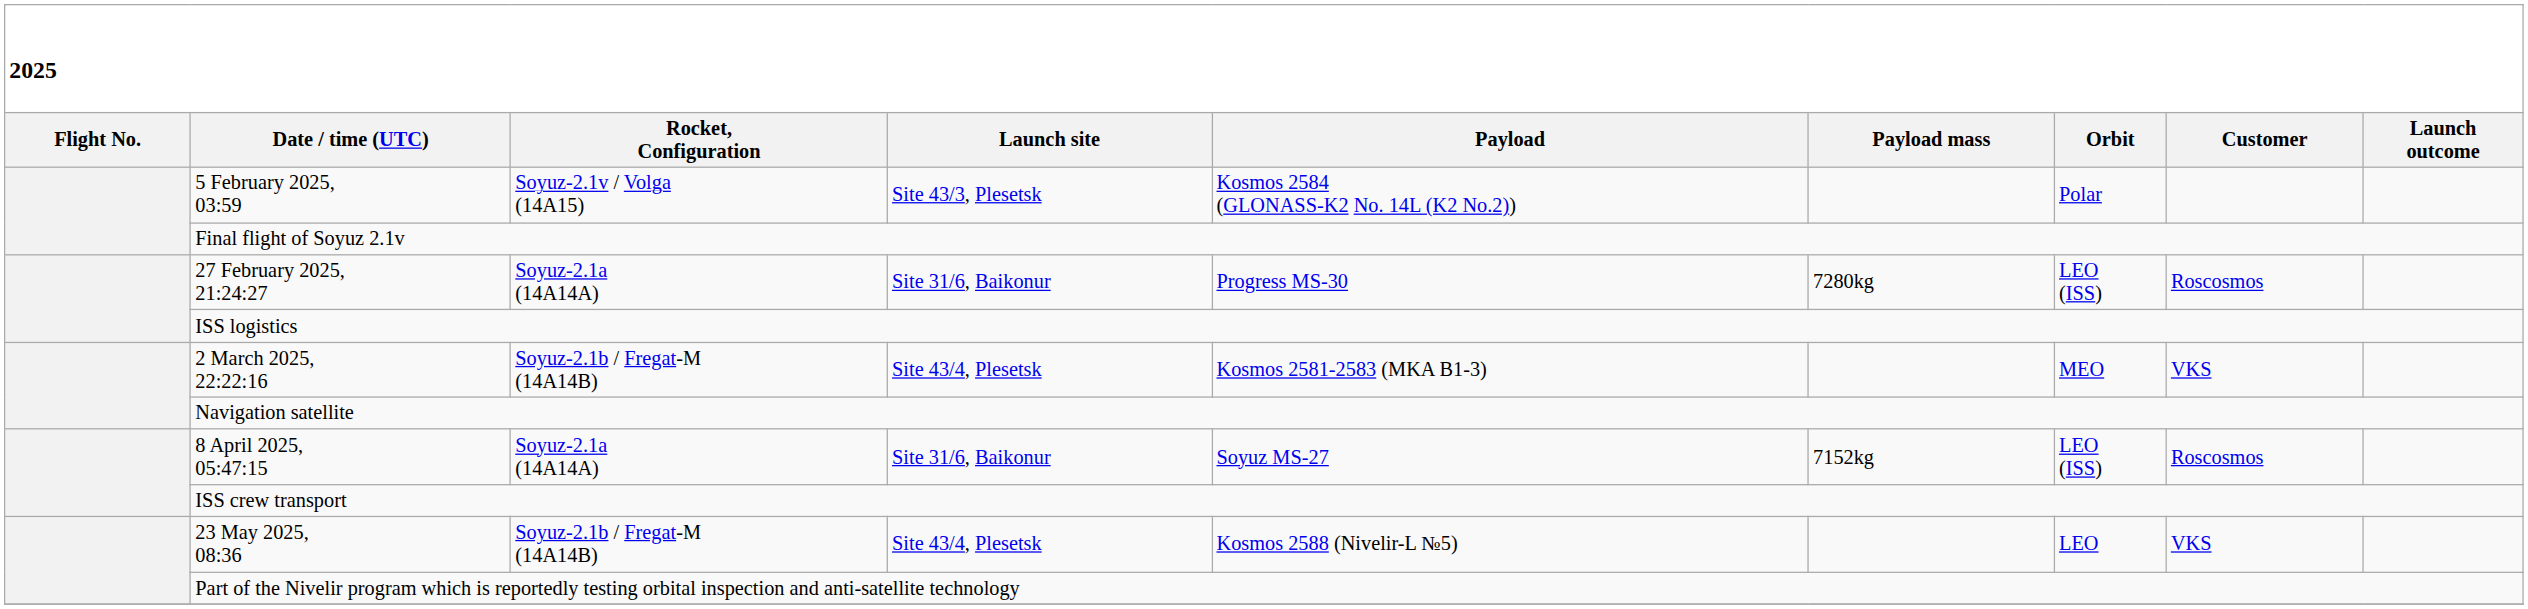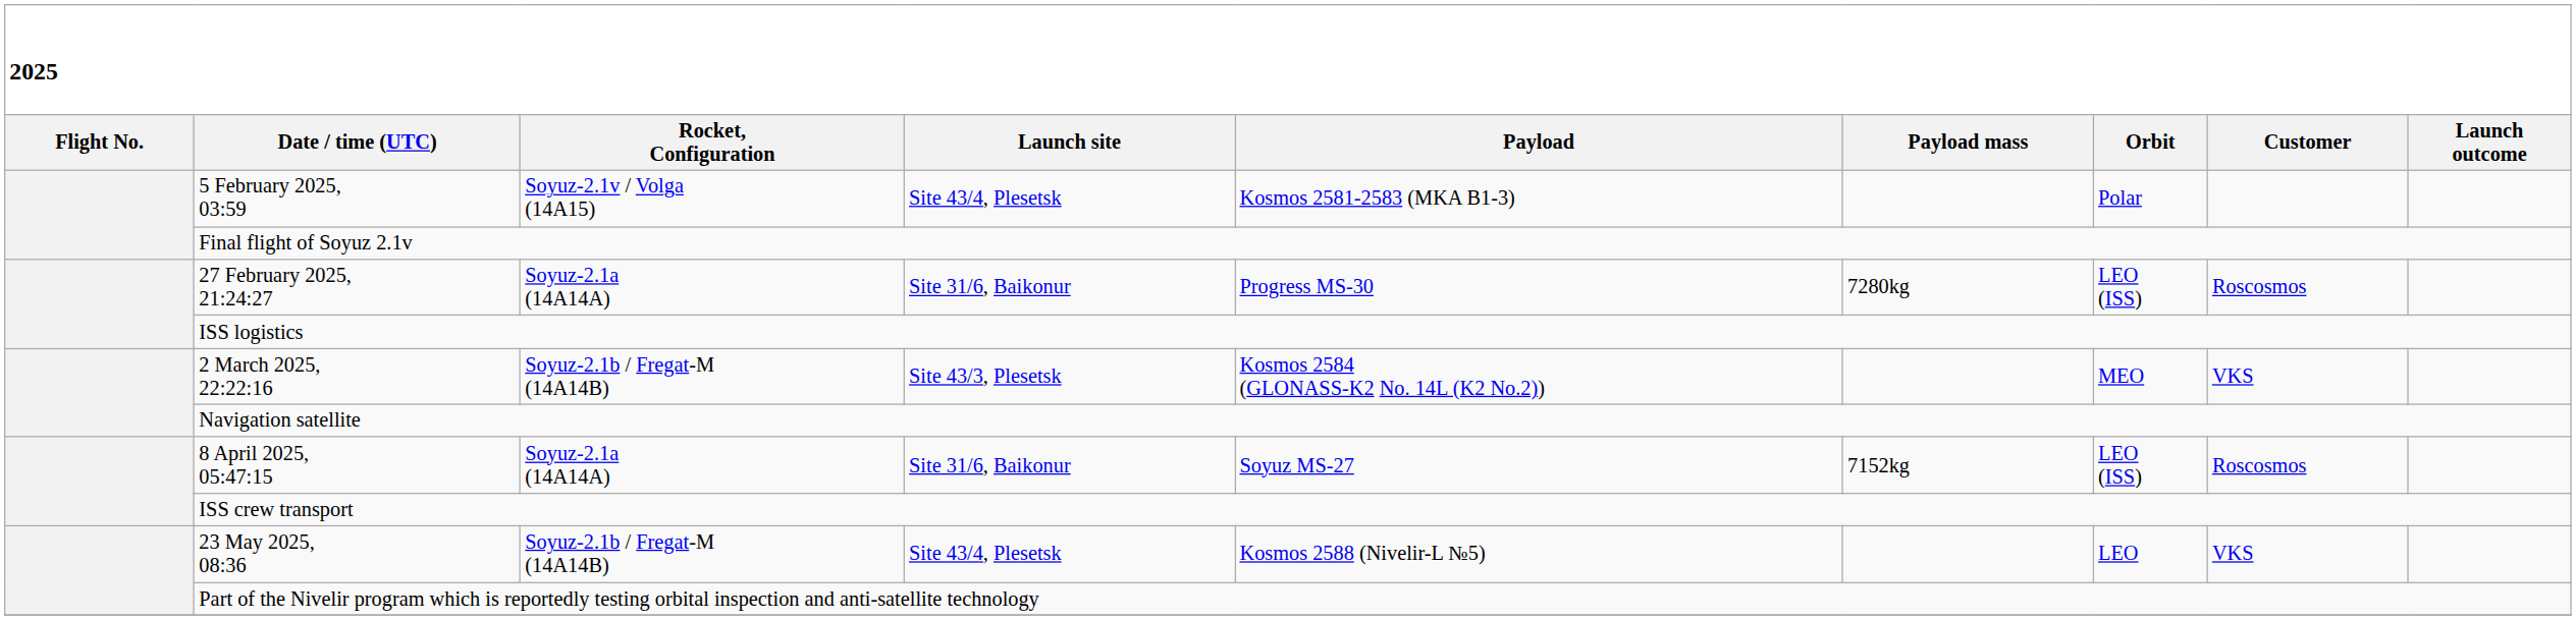 <table class="wikitable" width="100%">
 <tr>
 <td colspan=9 style="background:white;"><br><h3>2025</h3></td>
 </tr>
 <tr>
 <th scope="col">Flight No.</th>
 <th scope="col">Date / time (<a href='#'>UTC</a>)</th>
 <th scope="col">Rocket,<br>Configuration</th>
 <th scope="col">Launch site</th>
 <th scope="col">Payload</th>
 <th scope="col">Payload mass</th>
 <th scope="col">Orbit</th>
 <th scope="col">Customer</th>
 <th scope="col">Launch<br>outcome</th>
 </tr>
 <tr>
 <th scope="row" rowspan=2 style="text-align:center;"></th>
 <td>5 February 2025,<br>03:59</td>
 <td><a href='#'>Soyuz-2.1v</a> / <a href='#'>Volga</a><br>(14A15)</td>
-<td><a href='#'>Site 43/3</a>, <a href='#'>Plesetsk</a></td>
-<td><a href='#'>Kosmos 2584</a> <br>(<a href='#'>GLONASS-K2</a> <a href='#'>No. 14L (K2 No.2)</a>)</td>
+<td><a href='#'>Site 43/4</a>, <a href='#'>Plesetsk</a></td>
+<td><a href='#'>Kosmos 2581-2583</a> (MKA B1-3)</td>
 <td></td>
 <td><a href='#'>Polar</a></td>
 <td></td>
 <td></td>
 </tr>
 <tr>
 <td colspan="8">Final flight of Soyuz 2.1v</td>
 </tr>
 <tr>
 <th scope="row" rowspan=2 style="text-align:center;"></th>
 <td>27 February 2025,<br>21:24:27</td>
 <td><a href='#'>Soyuz-2.1a</a><br>(14A14A)</td>
 <td><a href='#'>Site 31/6</a>, <a href='#'>Baikonur</a></td>
 <td><a href='#'>Progress MS-30</a></td>
 <td>7280kg</td>
 <td><a href='#'>LEO</a><br>(<a href='#'>ISS</a>)</td>
 <td><a href='#'>Roscosmos</a></td>
 <td></td>
 </tr>
 <tr>
 <td colspan="8">ISS logistics</td>
 </tr>
 <tr>
 <th scope="row" rowspan=2 style="text-align:center;"></th>
 <td>2 March 2025,<br>22:22:16</td>
 <td><a href='#'>Soyuz-2.1b</a> / <a href='#'>Fregat</a>-M<br>(14A14B)</td>
-<td><a href='#'>Site 43/4</a>, <a href='#'>Plesetsk</a></td>
-<td><a href='#'>Kosmos 2581-2583</a> (MKA B1-3)</td>
+<td><a href='#'>Site 43/3</a>, <a href='#'>Plesetsk</a></td>
+<td><a href='#'>Kosmos 2584</a> <br>(<a href='#'>GLONASS-K2</a> <a href='#'>No. 14L (K2 No.2)</a>)</td>
 <td></td>
 <td><a href='#'>MEO</a></td>
 <td><a href='#'>VKS</a></td>
 <td></td>
 </tr>
 <tr>
 <td colspan="8">Navigation satellite</td>
 </tr>
 <tr>
 <th scope="row" rowspan=2 style="text-align:center;"></th>
 <td>8 April 2025,<br>05:47:15</td>
 <td><a href='#'>Soyuz-2.1a</a><br>(14A14A)</td>
 <td><a href='#'>Site 31/6</a>, <a href='#'>Baikonur</a></td>
 <td><a href='#'>Soyuz MS-27</a></td>
 <td>7152kg</td>
 <td><a href='#'>LEO</a><br>(<a href='#'>ISS</a>)</td>
 <td><a href='#'>Roscosmos</a></td>
 <td></td>
 </tr>
 <tr>
 <td colspan="8">ISS crew transport</td>
 </tr>
 <tr>
 <th scope="row" rowspan=2 style="text-align:center;"></th>
 <td>23 May 2025,<br>08:36</td>
 <td><a href='#'>Soyuz-2.1b</a> / <a href='#'>Fregat</a>-M<br>(14A14B)</td>
 <td><a href='#'>Site 43/4</a>, <a href='#'>Plesetsk</a></td>
 <td><a href='#'>Kosmos 2588</a> (Nivelir-L №5)</td>
 <td></td>
 <td><a href='#'>LEO</a></td>
 <td><a href='#'>VKS</a></td>
 <td></td>
 </tr>
 <tr>
 <td colspan="8">Part of the Nivelir program which is reportedly testing orbital inspection and anti-satellite technology</td>
 </tr>
 <tr>
 </tr>
 </table>
